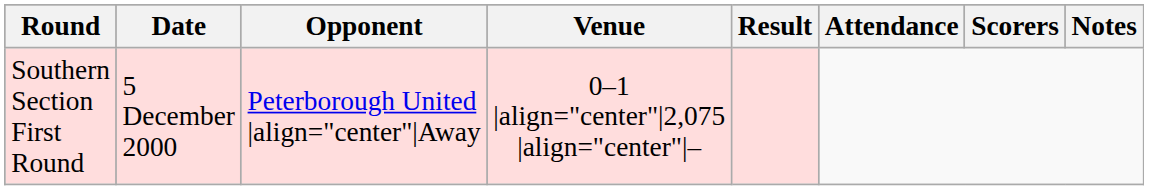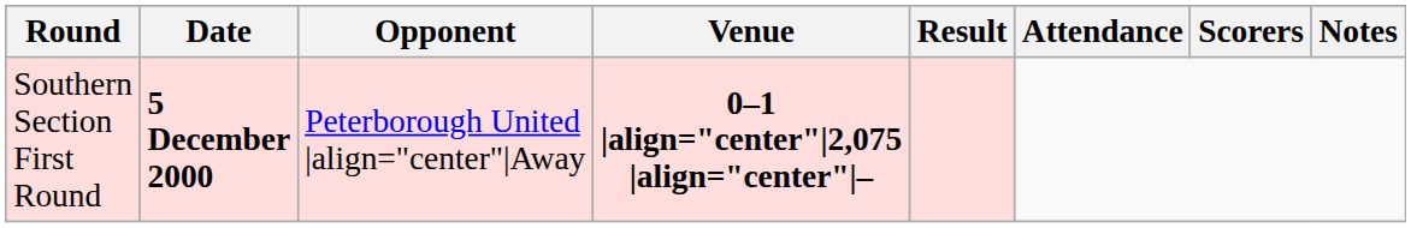 <table Class="wikitable">
 <tr>
 <th>Round</th>
 <th>Date</th>
 <th>Opponent</th>
 <th>Venue</th>
 <th>Result</th>
 <th>Attendance</th>
 <th>Scorers</th>
 <th>Notes</th>
 </tr>
 <tr style="background:#fdd;">
 <td>Southern Section First Round</td>
-<td>5 December 2000</td>
+<td><strong>5 December 2000</strong></td>
 <td><a href='#'>Peterborough United</a><br>|align="center"|Away</td>
-<td style="text-align:center;">0–1<br>|align="center"|2,075 |align="center"|–</td>
+<td style="text-align:center;"><strong>0–1<br>|align="center"|2,075 |align="center"|–</strong></td>
 <td style="text-align:center;"></td>
 </tr>
 </table>
